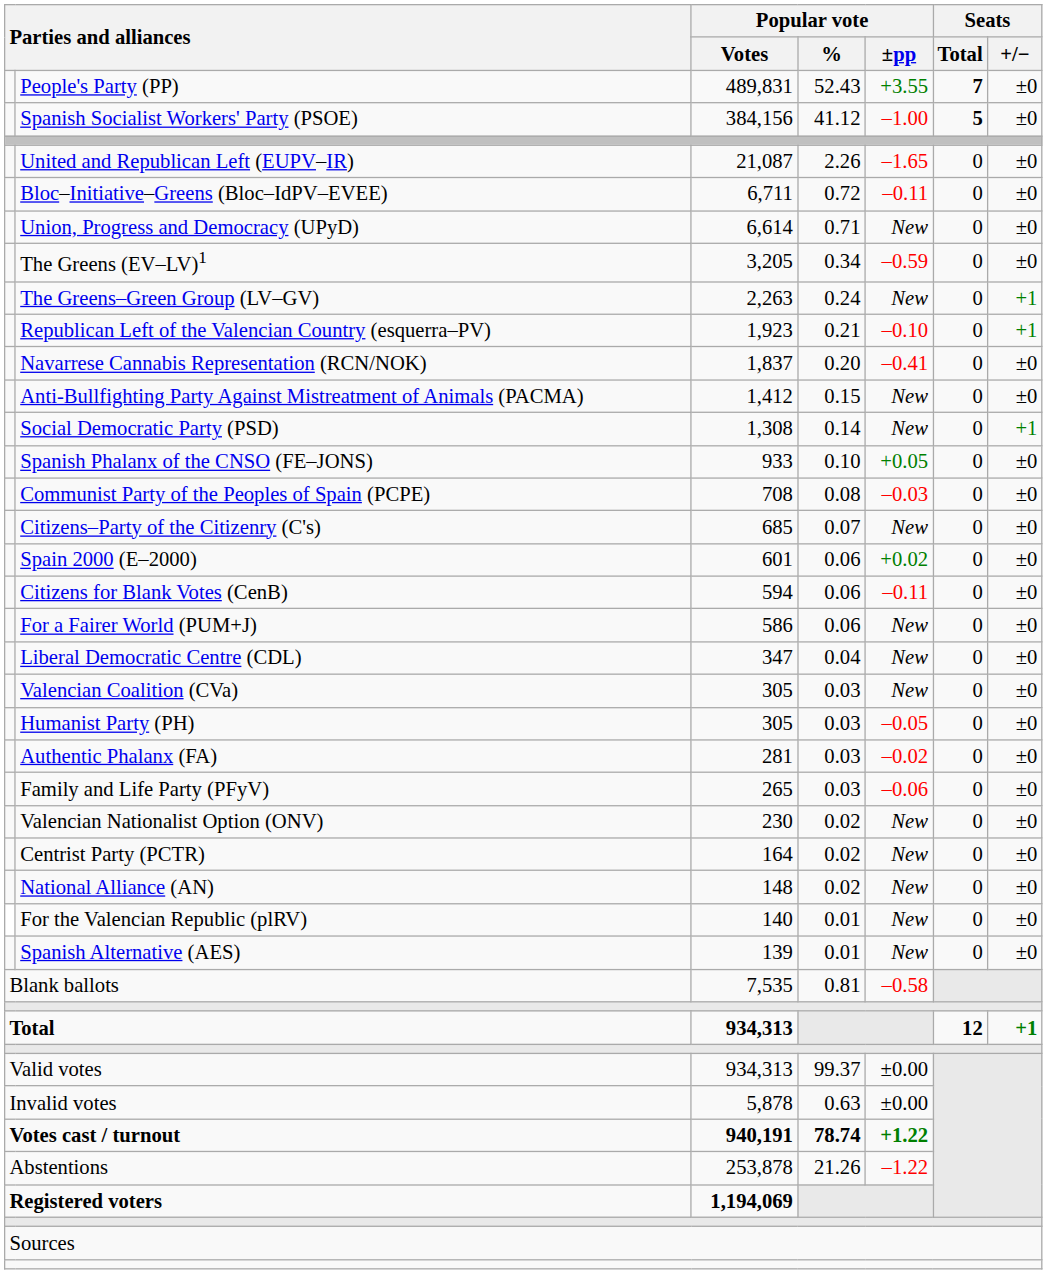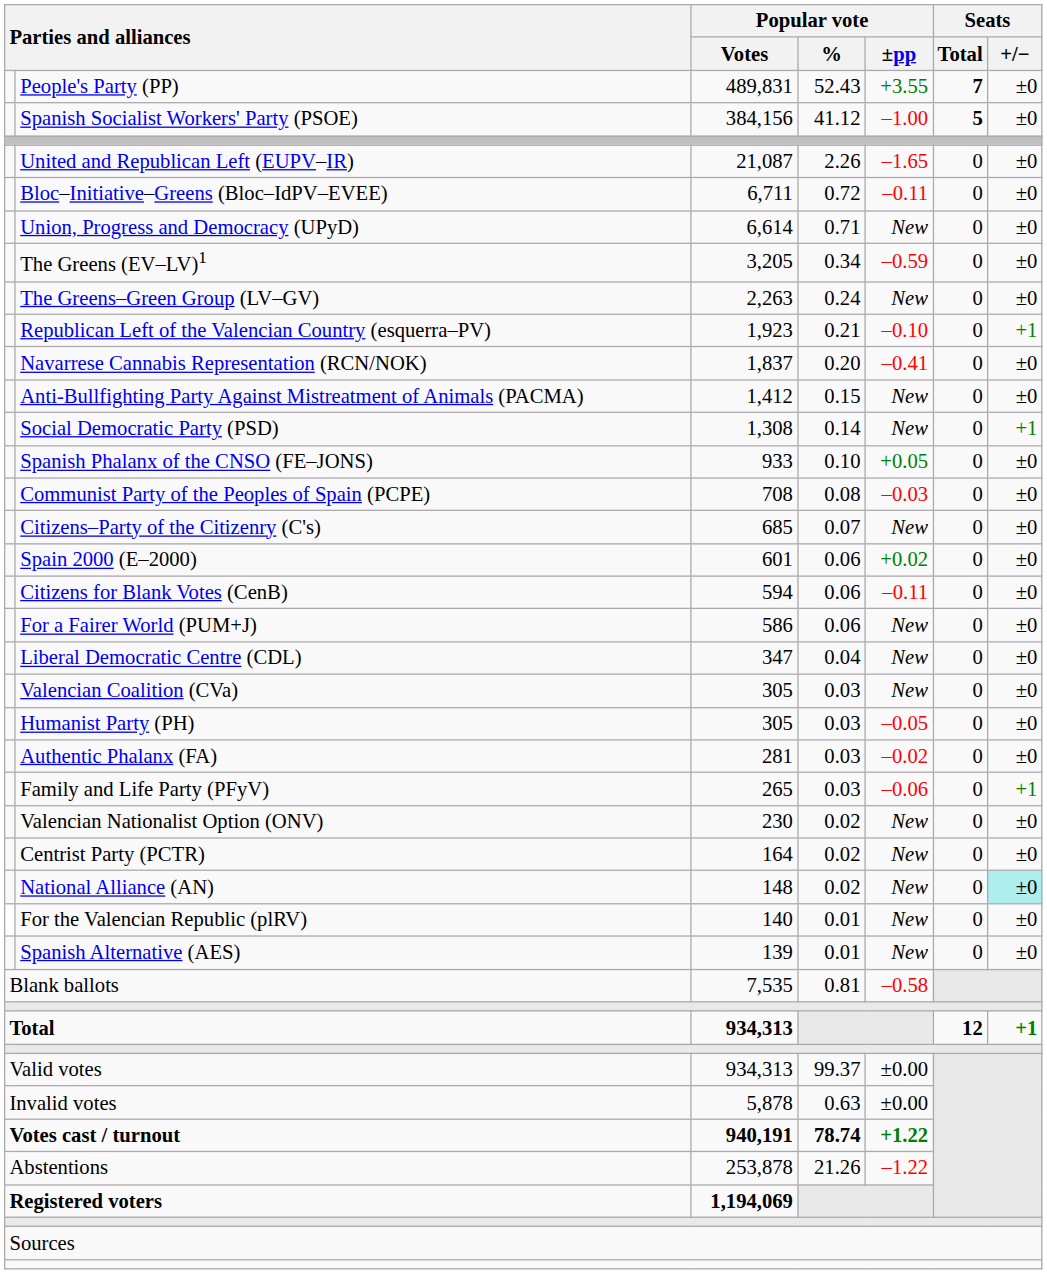 <table class="wikitable" style="text-align:right;">
 <tr>
 <th style="text-align:left;" rowspan="2" colspan="2" width="525">Parties and alliances</th>
 <th colspan="3">Popular vote</th>
 <th colspan="2">Seats</th>
 </tr>
 <tr>
 <th width="75">Votes</th>
 <th width="45">%</th>
 <th width="45">±<a href='#'>pp</a></th>
 <th width="35">Total</th>
 <th width="35">+/−</th>
 </tr>
 <tr>
 <td width="1" style="color:inherit;background:"></td>
 <td align="left"><a href='#'>People's Party</a> (PP)</td>
 <td>489,831</td>
 <td>52.43</td>
 <td style="color:green;">+3.55</td>
 <td><strong>7</strong></td>
 <td>±0</td>
 </tr>
 <tr>
 <td style="color:inherit;background:"></td>
 <td align="left"><a href='#'>Spanish Socialist Workers' Party</a> (PSOE)</td>
 <td>384,156</td>
 <td>41.12</td>
 <td style="color:red;">–1.00</td>
 <td><strong>5</strong></td>
 <td>±0</td>
 </tr>
 <tr>
 <td colspan="7" bgcolor="#C0C0C0"></td>
 </tr>
 <tr>
 <td style="color:inherit;background:"></td>
 <td align="left"><a href='#'>United and Republican Left</a> (<a href='#'>EUPV</a>–<a href='#'>IR</a>)</td>
 <td>21,087</td>
 <td>2.26</td>
 <td style="color:red;">–1.65</td>
 <td>0</td>
 <td>±0</td>
 </tr>
 <tr>
 <td style="color:inherit;background:"></td>
 <td align="left"><a href='#'>Bloc</a>–<a href='#'>Initiative</a>–<a href='#'>Greens</a> (Bloc–IdPV–EVEE)</td>
 <td>6,711</td>
 <td>0.72</td>
 <td style="color:red;">–0.11</td>
 <td>0</td>
 <td>±0</td>
 </tr>
 <tr>
 <td style="color:inherit;background:"></td>
 <td align="left"><a href='#'>Union, Progress and Democracy</a> (UPyD)</td>
 <td>6,614</td>
 <td>0.71</td>
 <td><em>New</em></td>
 <td>0</td>
 <td>±0</td>
 </tr>
 <tr>
 <td style="color:inherit;background:"></td>
 <td align="left">The Greens (EV–LV)<sup>1</sup></td>
 <td>3,205</td>
 <td>0.34</td>
 <td style="color:red;">–0.59</td>
 <td>0</td>
 <td>±0</td>
 </tr>
 <tr>
 <td style="color:inherit;background:"></td>
 <td align="left"><a href='#'>The Greens–Green Group</a> (LV–GV)</td>
 <td>2,263</td>
 <td>0.24</td>
 <td><em>New</em></td>
 <td>0</td>
-<td style="color:green;">+1</td>
+<td>±0</td>
 </tr>
 <tr>
 <td style="color:inherit;background:"></td>
 <td align="left"><a href='#'>Republican Left of the Valencian Country</a> (esquerra–PV)</td>
 <td>1,923</td>
 <td>0.21</td>
 <td style="color:red;">–0.10</td>
 <td>0</td>
 <td style="color:green;">+1</td>
 </tr>
 <tr>
 <td style="color:inherit;background:"></td>
 <td align="left"><a href='#'>Navarrese Cannabis Representation</a> (RCN/NOK)</td>
 <td>1,837</td>
 <td>0.20</td>
 <td style="color:red;">–0.41</td>
 <td>0</td>
 <td>±0</td>
 </tr>
 <tr>
 <td style="color:inherit;background:"></td>
 <td align="left"><a href='#'>Anti-Bullfighting Party Against Mistreatment of Animals</a> (PACMA)</td>
 <td>1,412</td>
 <td>0.15</td>
 <td><em>New</em></td>
 <td>0</td>
 <td>±0</td>
 </tr>
 <tr>
 <td style="color:inherit;background:"></td>
 <td align="left"><a href='#'>Social Democratic Party</a> (PSD)</td>
 <td>1,308</td>
 <td>0.14</td>
 <td><em>New</em></td>
 <td>0</td>
 <td style="color:green;">+1</td>
 </tr>
 <tr>
 <td style="color:inherit;background:"></td>
 <td align="left"><a href='#'>Spanish Phalanx of the CNSO</a> (FE–JONS)</td>
 <td>933</td>
 <td>0.10</td>
 <td style="color:green;">+0.05</td>
 <td>0</td>
 <td>±0</td>
 </tr>
 <tr>
 <td style="color:inherit;background:"></td>
 <td align="left"><a href='#'>Communist Party of the Peoples of Spain</a> (PCPE)</td>
 <td>708</td>
 <td>0.08</td>
 <td style="color:red;">–0.03</td>
 <td>0</td>
 <td>±0</td>
 </tr>
 <tr>
 <td style="color:inherit;background:"></td>
 <td align="left"><a href='#'>Citizens–Party of the Citizenry</a> (C's)</td>
 <td>685</td>
 <td>0.07</td>
 <td><em>New</em></td>
 <td>0</td>
 <td>±0</td>
 </tr>
 <tr>
 <td style="color:inherit;background:"></td>
 <td align="left"><a href='#'>Spain 2000</a> (E–2000)</td>
 <td>601</td>
 <td>0.06</td>
 <td style="color:green;">+0.02</td>
 <td>0</td>
 <td>±0</td>
 </tr>
 <tr>
 <td style="color:inherit;background:"></td>
 <td align="left"><a href='#'>Citizens for Blank Votes</a> (CenB)</td>
 <td>594</td>
 <td>0.06</td>
 <td style="color:red;">–0.11</td>
 <td>0</td>
 <td>±0</td>
 </tr>
 <tr>
 <td style="color:inherit;background:"></td>
 <td align="left"><a href='#'>For a Fairer World</a> (PUM+J)</td>
 <td>586</td>
 <td>0.06</td>
 <td><em>New</em></td>
 <td>0</td>
 <td>±0</td>
 </tr>
 <tr>
 <td style="color:inherit;background:"></td>
 <td align="left"><a href='#'>Liberal Democratic Centre</a> (CDL)</td>
 <td>347</td>
 <td>0.04</td>
 <td><em>New</em></td>
 <td>0</td>
 <td>±0</td>
 </tr>
 <tr>
 <td style="color:inherit;background:"></td>
 <td align="left"><a href='#'>Valencian Coalition</a> (CVa)</td>
 <td>305</td>
 <td>0.03</td>
 <td><em>New</em></td>
 <td>0</td>
 <td>±0</td>
 </tr>
 <tr>
 <td style="color:inherit;background:"></td>
 <td align="left"><a href='#'>Humanist Party</a> (PH)</td>
 <td>305</td>
 <td>0.03</td>
 <td style="color:red;">–0.05</td>
 <td>0</td>
 <td>±0</td>
 </tr>
 <tr>
 <td style="color:inherit;background:"></td>
 <td align="left"><a href='#'>Authentic Phalanx</a> (FA)</td>
 <td>281</td>
 <td>0.03</td>
 <td style="color:red;">–0.02</td>
 <td>0</td>
 <td>±0</td>
 </tr>
 <tr>
 <td style="color:inherit;background:"></td>
 <td align="left">Family and Life Party (PFyV)</td>
 <td>265</td>
 <td>0.03</td>
 <td style="color:red;">–0.06</td>
 <td>0</td>
-<td>±0</td>
+<td style="color:green;">+1</td>
 </tr>
 <tr>
 <td style="color:inherit;background:"></td>
 <td align="left">Valencian Nationalist Option (ONV)</td>
 <td>230</td>
 <td>0.02</td>
 <td><em>New</em></td>
 <td>0</td>
 <td>±0</td>
 </tr>
 <tr>
 <td style="color:inherit;background:"></td>
 <td align="left">Centrist Party (PCTR)</td>
 <td>164</td>
 <td>0.02</td>
 <td><em>New</em></td>
 <td>0</td>
 <td>±0</td>
 </tr>
 <tr>
 <td style="color:inherit;background:"></td>
 <td align="left"><a href='#'>National Alliance</a> (AN)</td>
 <td>148</td>
 <td>0.02</td>
 <td><em>New</em></td>
 <td>0</td>
-<td>±0</td>
+<td style="background: paleturquoise;">±0</td>
 </tr>
 <tr>
 <td bgcolor="white"></td>
 <td align="left">For the Valencian Republic (plRV)</td>
 <td>140</td>
 <td>0.01</td>
 <td><em>New</em></td>
 <td>0</td>
 <td>±0</td>
 </tr>
 <tr>
 <td style="color:inherit;background:"></td>
 <td align="left"><a href='#'>Spanish Alternative</a> (AES)</td>
 <td>139</td>
 <td>0.01</td>
 <td><em>New</em></td>
 <td>0</td>
 <td>±0</td>
 </tr>
 <tr>
 <td align="left" colspan="2">Blank ballots</td>
 <td>7,535</td>
 <td>0.81</td>
 <td style="color:red;">–0.58</td>
 <td bgcolor="#E9E9E9" colspan="2"></td>
 </tr>
 <tr>
 <td colspan="7" bgcolor="#E9E9E9"></td>
 </tr>
 <tr style="font-weight:bold;">
 <td align="left" colspan="2">Total</td>
 <td>934,313</td>
 <td bgcolor="#E9E9E9" colspan="2"></td>
 <td>12</td>
 <td style="color:green;">+1</td>
 </tr>
 <tr>
 <td colspan="7" bgcolor="#E9E9E9"></td>
 </tr>
 <tr>
 <td align="left" colspan="2">Valid votes</td>
 <td>934,313</td>
 <td>99.37</td>
 <td>±0.00</td>
 <td bgcolor="#E9E9E9" colspan="2" rowspan="5"></td>
 </tr>
 <tr>
 <td align="left" colspan="2">Invalid votes</td>
 <td>5,878</td>
 <td>0.63</td>
 <td>±0.00</td>
 </tr>
 <tr style="font-weight:bold;">
 <td align="left" colspan="2">Votes cast / turnout</td>
 <td>940,191</td>
 <td>78.74</td>
 <td style="color:green;">+1.22</td>
 </tr>
 <tr>
 <td align="left" colspan="2">Abstentions</td>
 <td>253,878</td>
 <td>21.26</td>
 <td style="color:red;">–1.22</td>
 </tr>
 <tr style="font-weight:bold;">
 <td align="left" colspan="2">Registered voters</td>
 <td>1,194,069</td>
 <td bgcolor="#E9E9E9" colspan="2"></td>
 </tr>
 <tr>
 <td colspan="7" bgcolor="#E9E9E9"></td>
 </tr>
 <tr>
 <td align="left" colspan="7">Sources</td>
 </tr>
 <tr>
 <td colspan="7" style="text-align:left; max-width:790px;"></td>
 </tr>
 </table>
